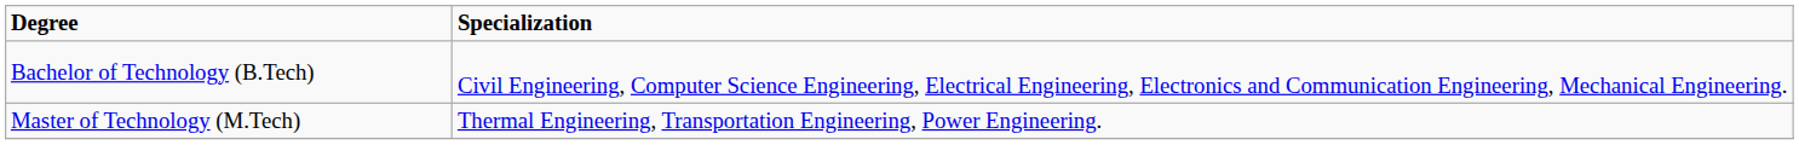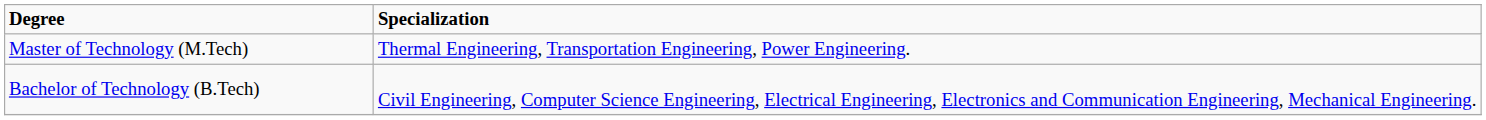 <table class="wikitable">
 <tr>
 <td style="width:25%;"><strong>Degree</strong></td>
 <td><strong>Specialization</strong></td>
 </tr>
 <tr>
+<td style="width:25%;"><a href='#'>Master of Technology</a> (M.Tech)</td>
+<td><a href='#'>Thermal Engineering</a>, <a href='#'>Transportation Engineering</a>, <a href='#'>Power Engineering</a>.</td>
+</tr>
+<tr>
 <td style="width:25%;"><a href='#'>Bachelor of Technology</a> (B.Tech)</td>
 <td><br><a href='#'>Civil Engineering</a>,  <a href='#'>Computer Science Engineering</a>,  <a href='#'>Electrical Engineering</a>,  <a href='#'>Electronics and Communication Engineering</a>,  <a href='#'>Mechanical Engineering</a>.</td>
 </tr>
 <tr>
-<td style="width:25%;"><a href='#'>Master of Technology</a> (M.Tech)</td>
-<td><a href='#'>Thermal Engineering</a>, <a href='#'>Transportation Engineering</a>, <a href='#'>Power Engineering</a>.</td>
-</tr>
-<tr>
 </tr>
 </table>
